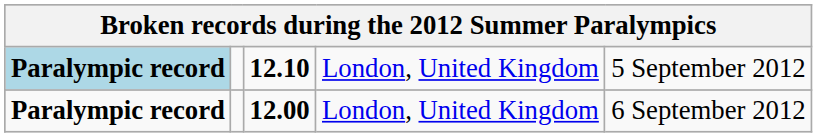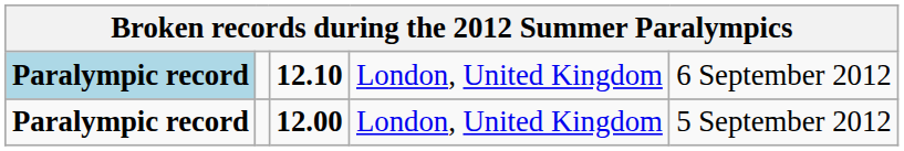 <table class="wikitable">
 <tr>
 <th colspan="5">Broken records during the 2012 Summer Paralympics</th>
 </tr>
 <tr>
 <td style="background: lightblue;"><strong>Paralympic record</strong></td>
 <td></td>
 <td><strong>12.10</strong></td>
 <td><a href='#'>London</a>, <a href='#'>United Kingdom</a></td>
-<td>5 September 2012</td>
+<td>6 September 2012</td>
 </tr>
 <tr>
 <td><strong>Paralympic record</strong></td>
 <td></td>
 <td><strong>12.00</strong></td>
 <td><a href='#'>London</a>, <a href='#'>United Kingdom</a></td>
-<td>6 September 2012</td>
+<td>5 September 2012</td>
 </tr>
 </table>
